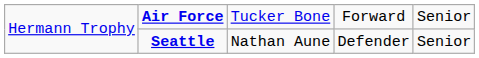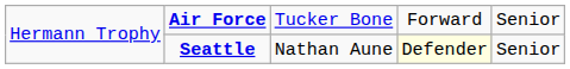 <table class="wikitable">
 <tr align="center">
 <td rowspan="2"><a href='#'>Hermann Trophy</a></td>
 <td style=><strong><a href='#'><span>Air Force</span></a></strong></td>
 <td><a href='#'>Tucker Bone</a></td>
 <td>Forward</td>
 <td>Senior</td>
 </tr>
 <tr align="center">
 <td style=><strong><a href='#'><span>Seattle</span></a></strong></td>
 <td>Nathan Aune</td>
-<td>Defender</td>
+<td style="background: lightyellow;">Defender</td>
 <td>Senior</td>
 </tr>
 </table>
